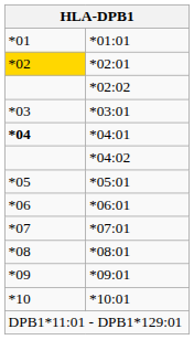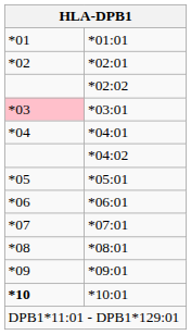 <table class="wikitable" width="200">
 <tr>
 <th colspan="2" align="center">HLA-DPB1</th>
 </tr>
 <tr>
 <td width="80">*01</td>
 <td>*01:01</td>
 </tr>
 <tr>
-<td style="background: gold;">*02</td>
+<td>*02</td>
 <td>*02:01</td>
 </tr>
 <tr>
 <td></td>
 <td>*02:02</td>
 </tr>
 <tr>
-<td>*03</td>
+<td style="background: pink;">*03</td>
 <td>*03:01</td>
 </tr>
 <tr>
-<td><strong>*04</strong></td>
+<td>*04</td>
 <td>*04:01</td>
 </tr>
 <tr>
 <td></td>
 <td>*04:02</td>
 </tr>
 <tr>
 <td>*05</td>
 <td>*05:01</td>
 </tr>
 <tr>
 <td>*06</td>
 <td>*06:01</td>
 </tr>
 <tr>
 <td>*07</td>
 <td>*07:01</td>
 </tr>
 <tr>
 <td>*08</td>
 <td>*08:01</td>
 </tr>
 <tr>
 <td>*09</td>
 <td>*09:01</td>
 </tr>
 <tr>
-<td>*10</td>
+<td><strong>*10</strong></td>
 <td>*10:01</td>
 </tr>
 <tr>
 <td colspan="2">DPB1*11:01 - DPB1*129:01 <br></td>
 </tr>
 </table>
